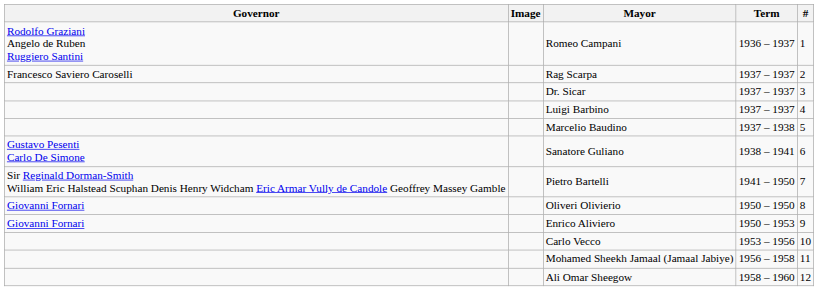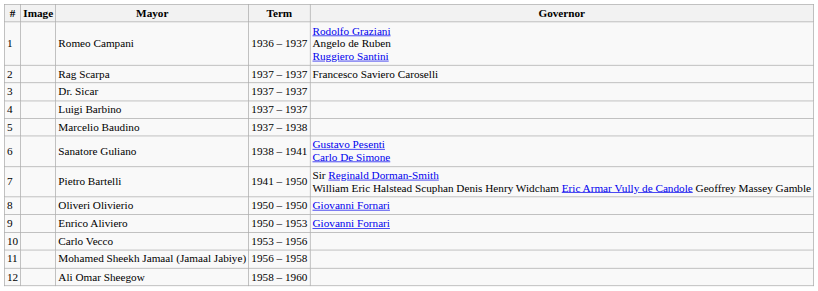 <table class="wikitable">
 <tr>
-<th>Governor</th>
+<th>#</th>
 <th>Image</th>
 <th>Mayor</th>
 <th>Term</th>
-<th>#</th>
+<th>Governor</th>
 </tr>
 <tr>
-<td><a href='#'>Rodolfo Graziani</a><br>Angelo de Ruben<br><a href='#'>Ruggiero Santini</a></td>
+<td>1</td>
 <td></td>
 <td>Romeo Campani</td>
 <td>1936 – 1937</td>
-<td>1</td>
+<td><a href='#'>Rodolfo Graziani</a><br>Angelo de Ruben<br><a href='#'>Ruggiero Santini</a></td>
 </tr>
 <tr>
-<td>Francesco Saviero Caroselli</td>
+<td>2</td>
 <td></td>
 <td>Rag Scarpa</td>
 <td>1937 – 1937</td>
-<td>2</td>
+<td>Francesco Saviero Caroselli</td>
 </tr>
 <tr>
-<td></td>
+<td>3</td>
 <td></td>
 <td>Dr. Sicar</td>
 <td>1937 – 1937</td>
-<td>3</td>
+<td></td>
 </tr>
 <tr>
-<td></td>
+<td>4</td>
 <td></td>
 <td>Luigi Barbino</td>
 <td>1937 – 1937</td>
-<td>4</td>
+<td></td>
 </tr>
 <tr>
-<td></td>
+<td>5</td>
 <td></td>
 <td>Marcelio Baudino</td>
 <td>1937 – 1938</td>
-<td>5</td>
+<td></td>
 </tr>
 <tr>
-<td><a href='#'>Gustavo Pesenti</a><br><a href='#'>Carlo De Simone</a></td>
+<td>6</td>
 <td></td>
 <td>Sanatore Guliano</td>
 <td>1938 – 1941</td>
-<td>6</td>
+<td><a href='#'>Gustavo Pesenti</a><br><a href='#'>Carlo De Simone</a></td>
 </tr>
 <tr>
-<td>Sir <a href='#'>Reginald Dorman-Smith</a><br>William Eric Halstead Scuphan Denis Henry Widcham <a href='#'>Eric Armar Vully de Candole</a> Geoffrey Massey Gamble</td>
+<td>7</td>
 <td></td>
 <td>Pietro Bartelli</td>
 <td>1941 – 1950</td>
-<td>7</td>
+<td>Sir <a href='#'>Reginald Dorman-Smith</a><br>William Eric Halstead Scuphan Denis Henry Widcham <a href='#'>Eric Armar Vully de Candole</a> Geoffrey Massey Gamble</td>
 </tr>
 <tr>
-<td><a href='#'>Giovanni Fornari</a></td>
+<td>8</td>
 <td></td>
 <td>Oliveri Olivierio</td>
 <td>1950 – 1950</td>
-<td>8</td>
+<td><a href='#'>Giovanni Fornari</a></td>
 </tr>
 <tr>
-<td><a href='#'>Giovanni Fornari</a></td>
+<td>9</td>
 <td></td>
 <td>Enrico Aliviero</td>
 <td>1950 – 1953</td>
-<td>9</td>
+<td><a href='#'>Giovanni Fornari</a></td>
 </tr>
 <tr>
-<td></td>
+<td>10</td>
 <td></td>
 <td>Carlo Vecco</td>
 <td>1953 – 1956</td>
-<td>10</td>
+<td></td>
 </tr>
 <tr>
-<td></td>
+<td>11</td>
 <td></td>
 <td>Mohamed Sheekh Jamaal (Jamaal Jabiye)</td>
 <td>1956 – 1958</td>
-<td>11</td>
+<td></td>
 </tr>
 <tr>
-<td></td>
+<td>12</td>
 <td></td>
 <td>Ali Omar Sheegow</td>
 <td>1958 – 1960</td>
-<td>12</td>
+<td></td>
 </tr>
 </table>
